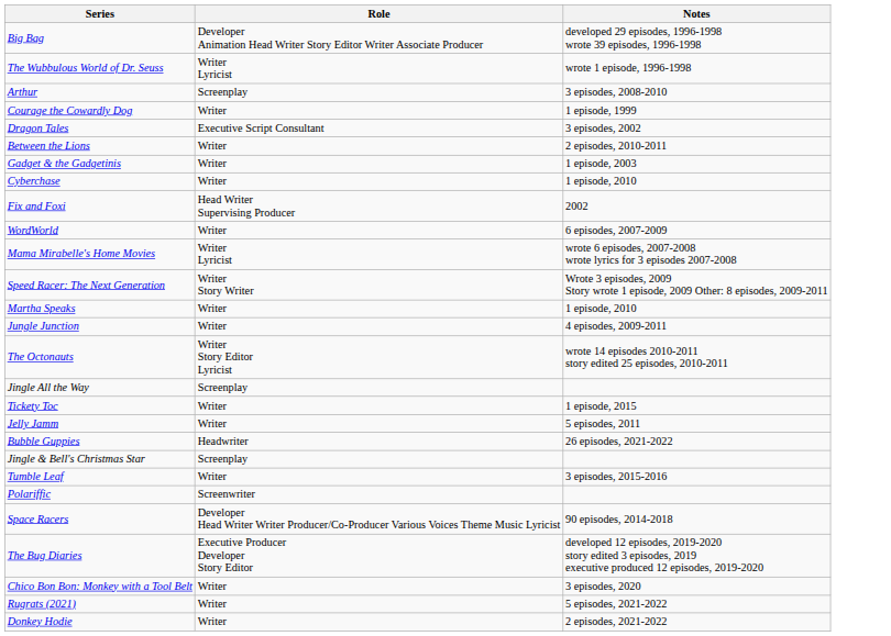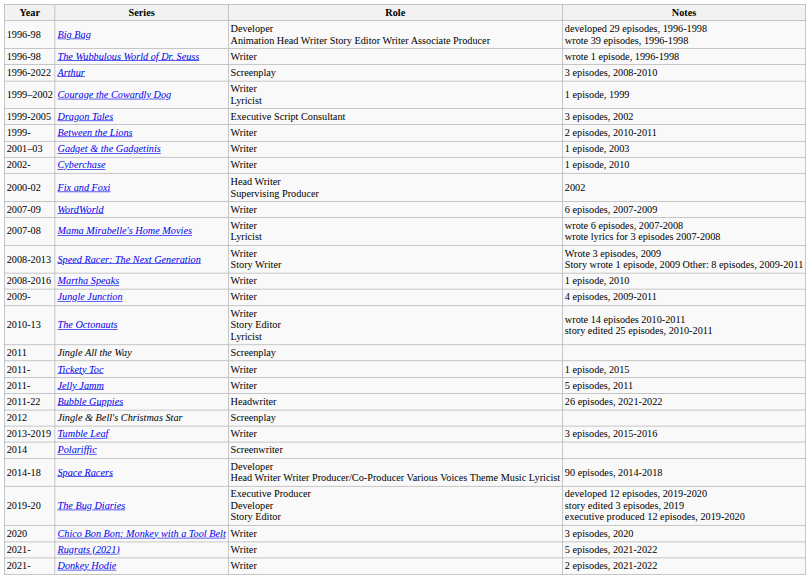 <table class="wikitable">
 <tr>
+<th>Year</th>
 <th>Series</th>
 <th>Role</th>
 <th>Notes</th>
 </tr>
 <tr>
+<td>1996-98</td>
 <td><em><a href='#'>Big Bag</a></em></td>
 <td>Developer<br>Animation Head Writer  Story Editor  Writer Associate Producer</td>
 <td>developed 29 episodes, 1996-1998<br>wrote 39 episodes, 1996-1998</td>
 </tr>
 <tr>
+<td>1996-98</td>
 <td><em><a href='#'>The Wubbulous World of Dr. Seuss</a></em></td>
-<td>Writer<br>Lyricist</td>
+<td>Writer</td>
 <td>wrote 1 episode, 1996-1998</td>
 </tr>
 <tr>
+<td>1996-2022</td>
 <td><em><a href='#'>Arthur</a></em></td>
 <td>Screenplay</td>
 <td>3 episodes, 2008-2010</td>
 </tr>
 <tr>
+<td>1999–2002</td>
 <td><em><a href='#'>Courage the Cowardly Dog</a></em></td>
-<td>Writer</td>
+<td>Writer<br>Lyricist</td>
 <td>1 episode, 1999</td>
 </tr>
 <tr>
+<td>1999-2005</td>
 <td><em><a href='#'>Dragon Tales</a></em></td>
 <td>Executive Script Consultant</td>
 <td>3 episodes, 2002</td>
 </tr>
 <tr>
+<td>1999-</td>
 <td><em><a href='#'>Between the Lions</a></em></td>
 <td>Writer</td>
 <td>2 episodes, 2010-2011</td>
 </tr>
 <tr>
+<td>2001–03</td>
 <td><em><a href='#'>Gadget & the Gadgetinis</a></em></td>
 <td>Writer</td>
 <td>1 episode, 2003</td>
 </tr>
 <tr>
+<td>2002-</td>
 <td><em><a href='#'>Cyberchase</a></em></td>
 <td>Writer</td>
 <td>1 episode, 2010</td>
 </tr>
 <tr>
+<td>2000-02</td>
 <td><em><a href='#'>Fix and Foxi</a></em></td>
 <td>Head Writer<br>Supervising Producer</td>
 <td>2002</td>
 </tr>
 <tr>
+<td>2007-09</td>
 <td><em><a href='#'>WordWorld</a></em></td>
 <td>Writer</td>
 <td>6 episodes, 2007-2009</td>
 </tr>
 <tr>
+<td>2007-08</td>
 <td><em><a href='#'>Mama Mirabelle's Home Movies</a></em></td>
 <td>Writer<br>Lyricist</td>
 <td>wrote 6 episodes, 2007-2008<br>wrote lyrics for 3 episodes 2007-2008</td>
 </tr>
 <tr>
+<td>2008-2013</td>
 <td><em><a href='#'>Speed Racer: The Next Generation</a></em></td>
 <td>Writer<br>Story Writer</td>
 <td>Wrote 3 episodes, 2009<br>Story wrote 1 episode, 2009 Other: 8 episodes, 2009-2011</td>
 </tr>
 <tr>
+<td>2008-2016</td>
 <td><a href='#'><em>Martha Speaks</em></a></td>
 <td>Writer</td>
 <td>1 episode, 2010</td>
 </tr>
 <tr>
+<td>2009-</td>
 <td><em><a href='#'>Jungle Junction</a></em></td>
 <td>Writer</td>
 <td>4 episodes, 2009-2011</td>
 </tr>
 <tr>
+<td>2010-13</td>
 <td><em><a href='#'>The Octonauts</a></em></td>
 <td>Writer<br>Story Editor<br>Lyricist</td>
 <td>wrote 14 episodes 2010-2011<br>story edited 25 episodes, 2010-2011</td>
 </tr>
 <tr>
+<td>2011</td>
 <td><em>Jingle All the Way</em></td>
 <td>Screenplay</td>
 <td></td>
 </tr>
 <tr>
+<td>2011-</td>
 <td><em><a href='#'>Tickety Toc</a></em></td>
 <td>Writer</td>
 <td>1 episode, 2015</td>
 </tr>
 <tr>
+<td>2011-</td>
 <td><em><a href='#'>Jelly Jamm</a></em></td>
 <td>Writer</td>
 <td>5 episodes, 2011</td>
 </tr>
 <tr>
+<td>2011-22</td>
 <td><em><a href='#'>Bubble Guppies</a></em></td>
 <td>Headwriter</td>
 <td>26 episodes, 2021-2022</td>
 </tr>
 <tr>
+<td>2012</td>
 <td><em>Jingle & Bell's Christmas Star</em></td>
 <td>Screenplay</td>
 <td></td>
 </tr>
 <tr>
+<td>2013-2019</td>
 <td><em><a href='#'>Tumble Leaf</a></em></td>
 <td>Writer</td>
 <td>3 episodes, 2015-2016</td>
 </tr>
 <tr>
+<td>2014</td>
 <td><em><a href='#'>Polariffic</a></em></td>
 <td>Screenwriter</td>
 <td></td>
 </tr>
 <tr>
+<td>2014-18</td>
 <td><em><a href='#'>Space Racers</a></em></td>
 <td>Developer<br>Head Writer Writer Producer/Co-Producer Various Voices Theme Music Lyricist</td>
 <td>90 episodes, 2014-2018</td>
 </tr>
 <tr>
+<td>2019-20</td>
 <td><em><a href='#'>The Bug Diaries</a></em></td>
 <td>Executive Producer<br>Developer<br>Story Editor</td>
 <td>developed 12 episodes, 2019-2020<br>story edited 3 episodes, 2019<br>executive produced 12 episodes, 2019-2020</td>
 </tr>
 <tr>
+<td>2020</td>
 <td><em><a href='#'>Chico Bon Bon: Monkey with a Tool Belt</a></em></td>
 <td>Writer</td>
 <td>3 episodes, 2020</td>
 </tr>
 <tr>
+<td>2021-</td>
 <td><a href='#'><em>Rugrats (2021)</em></a></td>
 <td>Writer</td>
 <td>5 episodes, 2021-2022</td>
 </tr>
 <tr>
+<td>2021-</td>
 <td><em><a href='#'>Donkey Hodie</a></em></td>
 <td>Writer</td>
 <td>2 episodes, 2021-2022</td>
 </tr>
 </table>
